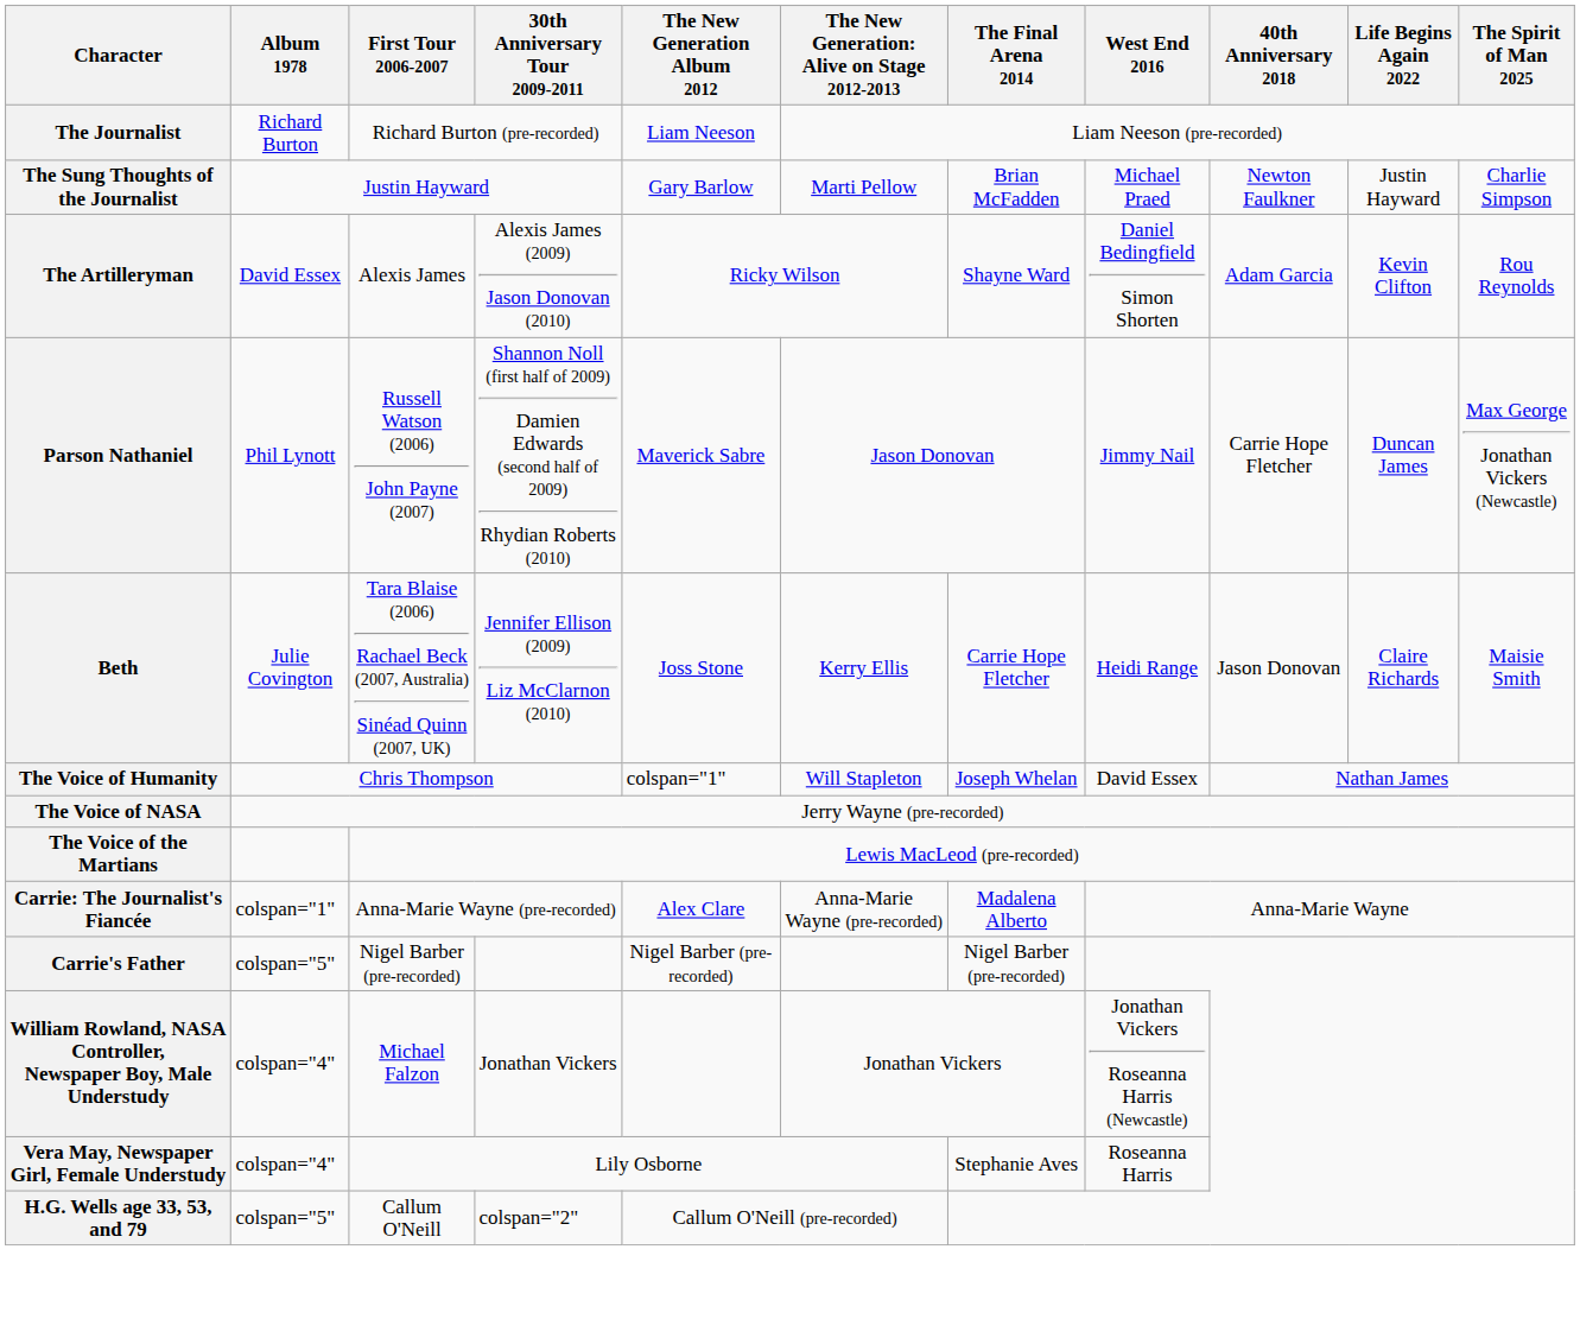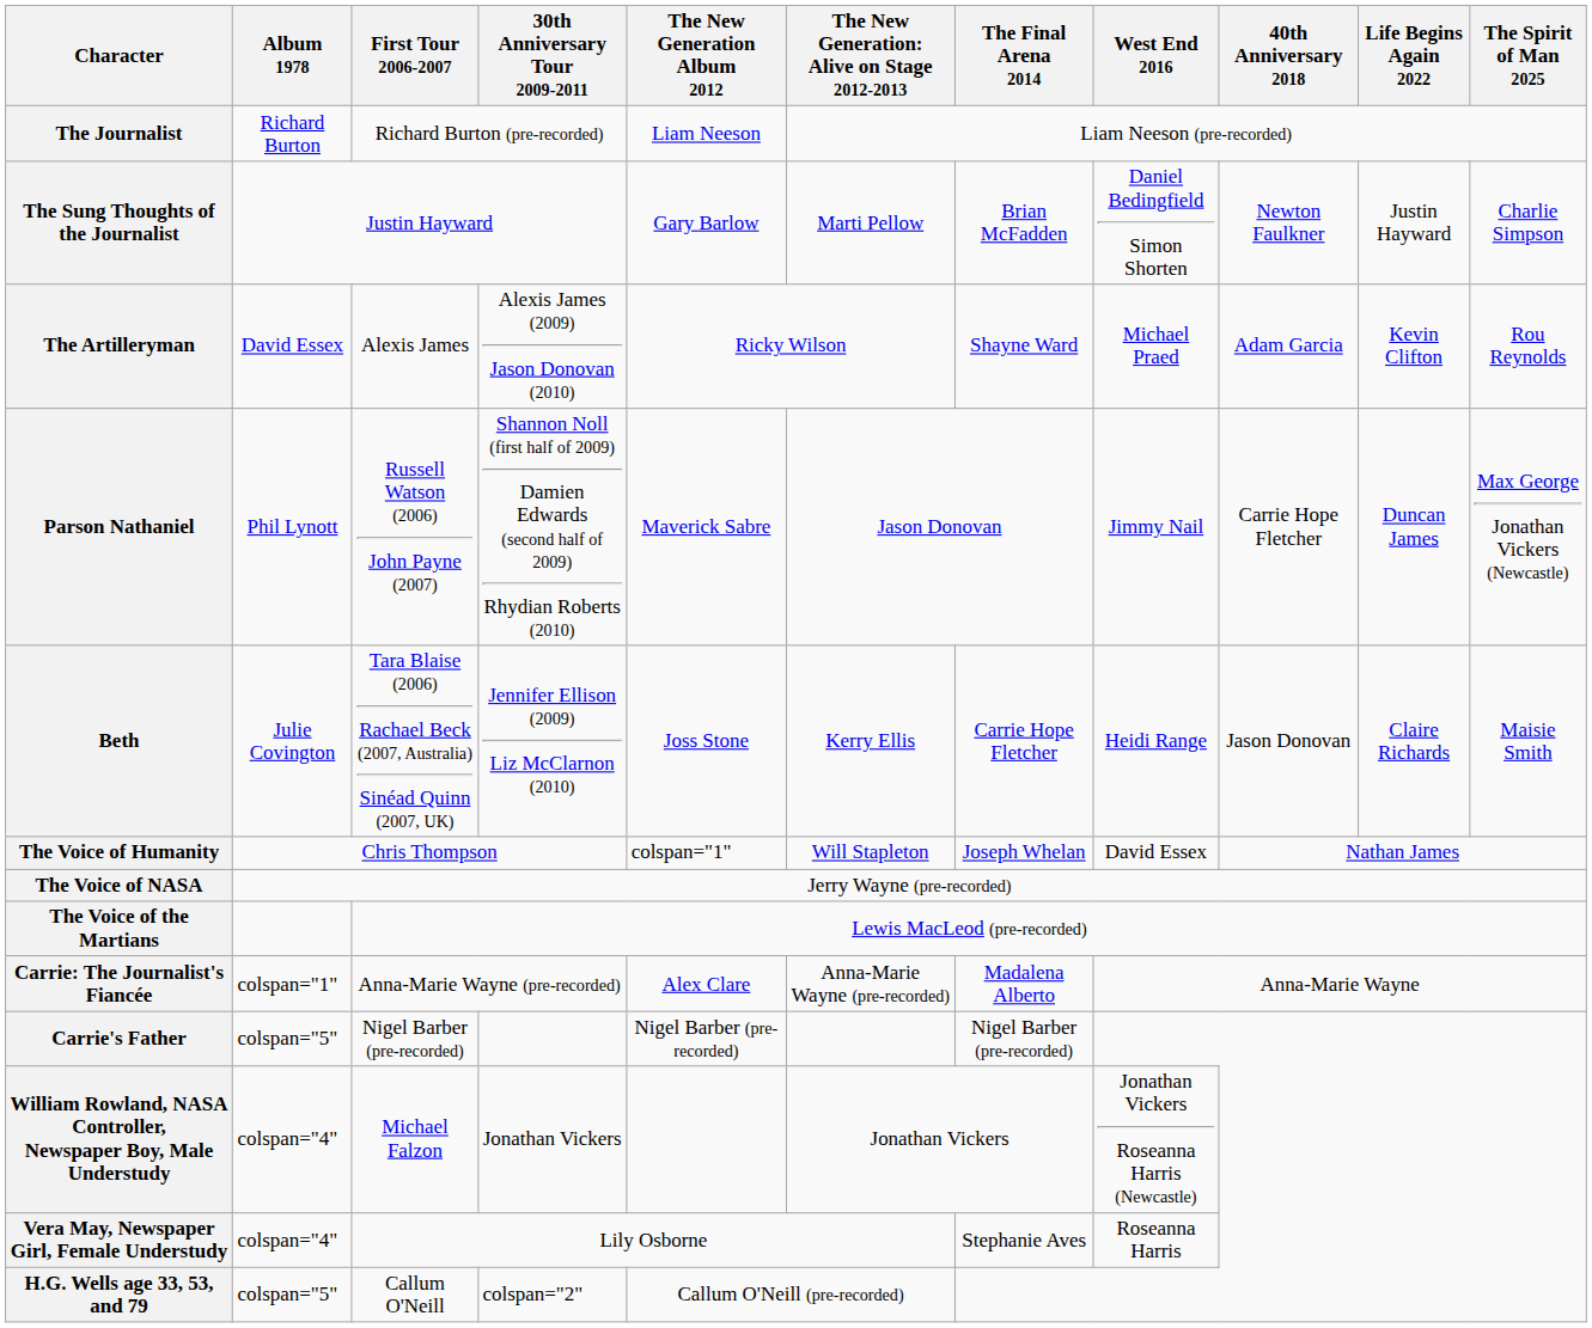 <table class="wikitable" style="width=10%">
 <tr>
 <th>Character</th>
 <th>Album<br><small>1978</small></th>
 <th>First Tour<br><small>2006-2007</small></th>
 <th>30th Anniversary Tour<br><small>2009-2011</small></th>
 <th>The New Generation Album<br><small>2012</small></th>
 <th>The New Generation:<br>Alive on Stage<br><small>2012-2013</small></th>
 <th>The Final Arena<br><small>2014</small></th>
 <th>West End<br><small>2016</small></th>
 <th>40th Anniversary<br><small>2018</small></th>
 <th>Life Begins Again<br><small>2022</small></th>
 <th>The Spirit of Man<br><small>2025</small></th>
 </tr>
 <tr>
 <th>The Journalist</th>
 <td colspan="1" style="text-align:center;"><a href='#'>Richard Burton</a></td>
 <td colspan="2" style="text-align:center;">Richard Burton <small>(pre-recorded)</small></td>
 <td colspan="1" style="text-align:center;"><a href='#'>Liam Neeson</a></td>
 <td colspan="6" style="text-align:center;">Liam Neeson <small>(pre-recorded)</small></td>
 </tr>
 <tr>
 <th>The Sung Thoughts of the Journalist</th>
 <td colspan="3" style="text-align:center;"><a href='#'>Justin Hayward</a></td>
 <td style="text-align:center;"><a href='#'>Gary Barlow</a></td>
 <td style="text-align:center;"><a href='#'>Marti Pellow</a></td>
 <td style="text-align:center;"><a href='#'>Brian McFadden</a></td>
-<td style="text-align:center;"><a href='#'>Michael Praed</a></td>
+<td style="text-align:center;"><a href='#'>Daniel Bedingfield</a><hr>Simon Shorten</td>
 <td style="text-align:center;"><a href='#'>Newton Faulkner</a></td>
 <td colspan="1" style="text-align:center;">Justin Hayward</td>
 <td style="text-align:center;"><a href='#'>Charlie Simpson</a></td>
 </tr>
 <tr>
 <th>The Artilleryman</th>
 <td style="text-align:center;"><a href='#'>David Essex</a></td>
 <td style="text-align:center;">Alexis James</td>
 <td style="text-align:center;">Alexis James <br><small>(2009)</small><hr><a href='#'>Jason Donovan</a><br><small>(2010)</small></td>
 <td colspan="2" style="text-align:center;"><a href='#'>Ricky Wilson</a></td>
 <td style="text-align:center;"><a href='#'>Shayne Ward</a></td>
-<td style="text-align:center;"><a href='#'>Daniel Bedingfield</a><hr>Simon Shorten</td>
+<td style="text-align:center;"><a href='#'>Michael Praed</a></td>
 <td style="text-align:center;"><a href='#'>Adam Garcia</a></td>
 <td style="text-align:center;"><a href='#'>Kevin Clifton</a></td>
 <td style="text-align:center;"><a href='#'>Rou Reynolds</a></td>
 </tr>
 <tr>
 <th>Parson Nathaniel</th>
 <td style="text-align:center;"><a href='#'>Phil Lynott</a></td>
 <td style="text-align:center;"><a href='#'>Russell Watson</a> <br><small>(2006)</small><hr><a href='#'>John Payne</a> <br><small>(2007)</small></td>
 <td style="text-align:center;"><a href='#'>Shannon Noll</a> <br><small>(first half of 2009)</small><hr>Damien Edwards <br><small>(second half of 2009)</small><hr>Rhydian Roberts<br><small>(2010)</small></td>
 <td style="text-align:center;"><a href='#'>Maverick Sabre</a></td>
 <td colspan="2" style="text-align:center;"><a href='#'>Jason Donovan</a></td>
 <td style="text-align:center;"><a href='#'>Jimmy Nail</a></td>
 <td style="text-align:center;">Carrie Hope Fletcher</td>
 <td style="text-align:center;"><a href='#'>Duncan James</a></td>
 <td style="text-align:center;"><a href='#'>Max George</a><hr>Jonathan Vickers<br><small>(Newcastle)</small></td>
 </tr>
 <tr>
 <th>Beth</th>
 <td style="text-align:center;"><a href='#'>Julie Covington</a></td>
 <td style="text-align:center;"><a href='#'>Tara Blaise</a><br><small>(2006)</small><hr><a href='#'>Rachael Beck</a><br><small>(2007, Australia)</small><hr><a href='#'>Sinéad Quinn</a><br><small>(2007, UK)</small></td>
 <td style="text-align:center;"><a href='#'>Jennifer Ellison</a><br><small>(2009)</small><hr><a href='#'>Liz McClarnon</a> <br><small>(2010)</small></td>
 <td style="text-align:center;"><a href='#'>Joss Stone</a></td>
 <td style="text-align:center;"><a href='#'>Kerry Ellis</a></td>
 <td style="text-align:center;"><a href='#'>Carrie Hope Fletcher</a></td>
 <td style="text-align:center;"><a href='#'>Heidi Range</a></td>
 <td style="text-align:center;">Jason Donovan</td>
 <td style="text-align:center;"><a href='#'>Claire Richards</a></td>
 <td style="text-align:center;"><a href='#'>Maisie Smith</a></td>
 </tr>
 <tr>
 <th>The Voice of Humanity</th>
 <td colspan="3" style="text-align:center;"><a href='#'>Chris Thompson</a></td>
 <td>colspan="1" </td>
 <td style="text-align:center;"><a href='#'>Will Stapleton</a></td>
 <td style="text-align:center;"><a href='#'>Joseph Whelan</a></td>
 <td style="text-align:center;">David Essex</td>
 <td colspan="3" style="text-align:center;"><a href='#'>Nathan James</a></td>
 </tr>
 <tr>
 <th>The Voice of NASA</th>
 <td colspan="10" style="text-align:center;">Jerry Wayne <small>(pre-recorded)</small></td>
 </tr>
 <tr>
 <th>The Voice of the Martians</th>
 <td></td>
 <td colspan="9" style="text-align:center;"><a href='#'>Lewis MacLeod</a> <small>(pre-recorded)</small></td>
 </tr>
 <tr>
 <th>Carrie: The Journalist's Fiancée</th>
 <td>colspan="1" </td>
 <td colspan="2" style="text-align:center;">Anna-Marie Wayne <small>(pre-recorded)</small></td>
 <td style="text-align:center;"><a href='#'>Alex Clare</a></td>
 <td colspan="1" style="text-align:center;">Anna-Marie Wayne <small>(pre-recorded)</small></td>
 <td style="text-align:center;"><a href='#'>Madalena Alberto</a></td>
 <td colspan="4" style="text-align:center;">Anna-Marie Wayne</td>
 </tr>
 <tr>
 <th>Carrie's Father</th>
 <td>colspan="5" </td>
 <td style="text-align:center;">Nigel Barber <small>(pre-recorded)</small></td>
 <td></td>
 <td style="text-align:center;">Nigel Barber <small>(pre-recorded)</small></td>
 <td></td>
 <td style="text-align:center;">Nigel Barber <small>(pre-recorded)</small></td>
 </tr>
 <tr>
 <th>William Rowland, NASA Controller, <br>Newspaper Boy, Male Understudy</th>
 <td>colspan="4" </td>
 <td style="text-align:center;"><a href='#'>Michael Falzon</a></td>
 <td style="text-align:center;">Jonathan Vickers</td>
 <td></td>
 <td colspan="2"style="text-align:center;">Jonathan Vickers</td>
 <td style="text-align:center;">Jonathan Vickers<hr>Roseanna Harris<br><small>(Newcastle)</small></td>
 </tr>
 <tr>
 <th>Vera May, Newspaper Girl, Female Understudy</th>
 <td>colspan="4" </td>
 <td colspan="4" style="text-align:center;">Lily Osborne</td>
 <td style="text-align:center;">Stephanie Aves</td>
 <td style="text-align:center;">Roseanna Harris</td>
 </tr>
 <tr>
 <th>H.G. Wells age 33, 53, and 79</th>
 <td>colspan="5" </td>
 <td style="text-align:center;">Callum O'Neill</td>
 <td>colspan="2" </td>
 <td colspan="2" style="text-align:center;">Callum O'Neill <small>(pre-recorded)</small></td>
 </tr>
 </table>
